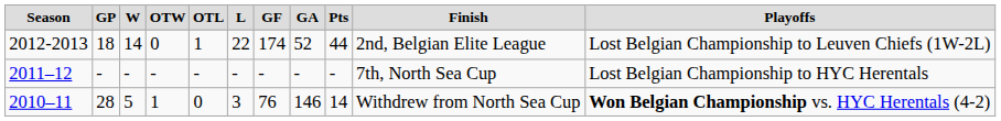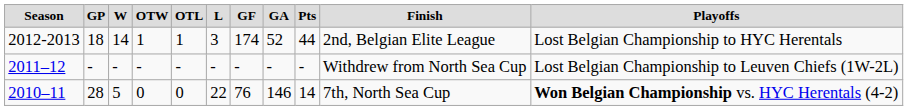 <table class="wikitable">
 <tr align="center" style="font-size: small; font-weight:bold; background-color:#dddddd; padding:5px;" |>
 <td>Season</td>
 <td>GP</td>
 <td>W</td>
 <td>OTW</td>
 <td>OTL</td>
 <td>L</td>
 <td>GF</td>
 <td>GA</td>
 <td>Pts</td>
 <td>Finish</td>
 <td>Playoffs</td>
 </tr>
 <tr>
 <td>2012-2013</td>
 <td>18</td>
 <td>14</td>
-<td>0</td>
 <td>1</td>
-<td>22</td>
+<td>1</td>
+<td>3</td>
 <td>174</td>
 <td>52</td>
 <td>44</td>
 <td>2nd, Belgian Elite League</td>
-<td>Lost Belgian Championship to Leuven Chiefs (1W-2L)</td>
+<td>Lost Belgian Championship to HYC Herentals</td>
 </tr>
 <tr>
 <td><a href='#'>2011–12</a></td>
 <td>-</td>
 <td>-</td>
 <td>-</td>
 <td>-</td>
 <td>-</td>
 <td>-</td>
 <td>-</td>
 <td>-</td>
-<td>7th, North Sea Cup</td>
-<td>Lost Belgian Championship to HYC Herentals</td>
+<td>Withdrew from North Sea Cup</td>
+<td>Lost Belgian Championship to Leuven Chiefs (1W-2L)</td>
 </tr>
 <tr>
 <td><a href='#'>2010–11</a></td>
 <td>28</td>
 <td>5</td>
-<td>1</td>
 <td>0</td>
-<td>3</td>
+<td>0</td>
+<td>22</td>
 <td>76</td>
 <td>146</td>
 <td>14</td>
-<td>Withdrew from North Sea Cup</td>
+<td>7th, North Sea Cup</td>
 <td><strong>Won Belgian Championship</strong> vs. <a href='#'>HYC Herentals</a> (4-2)</td>
 </tr>
 </table>
